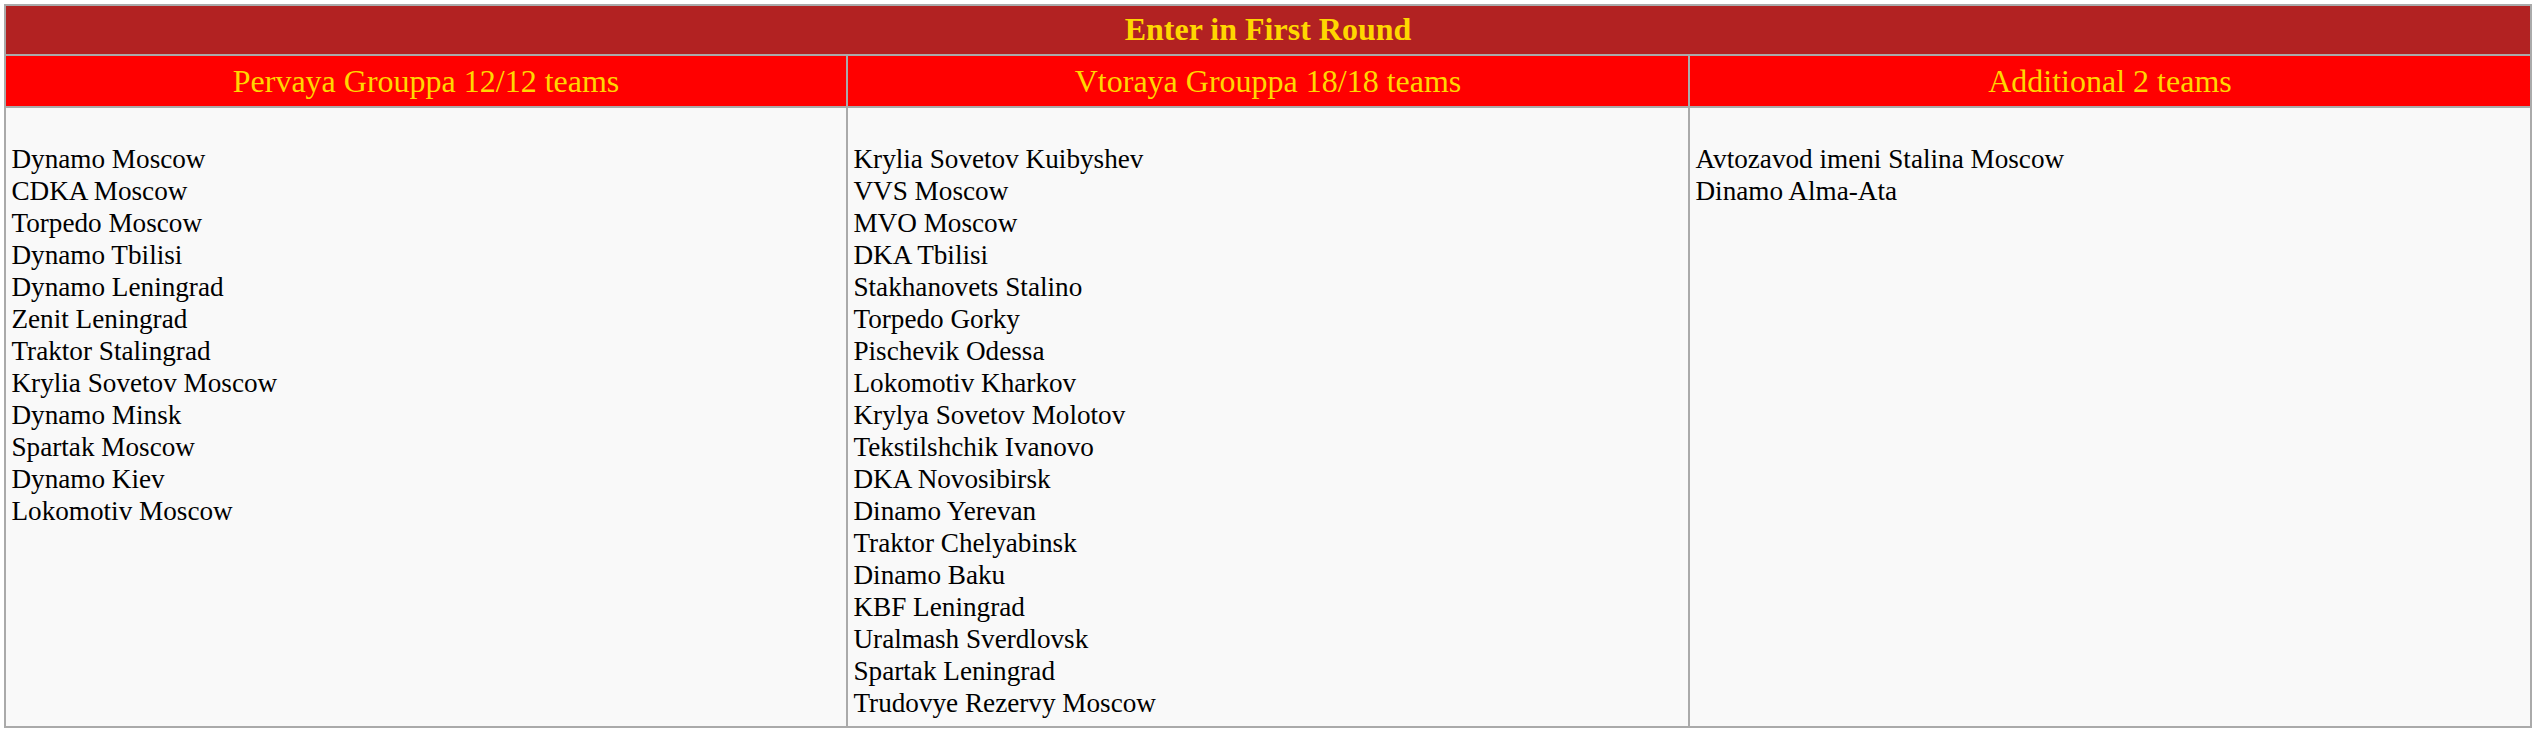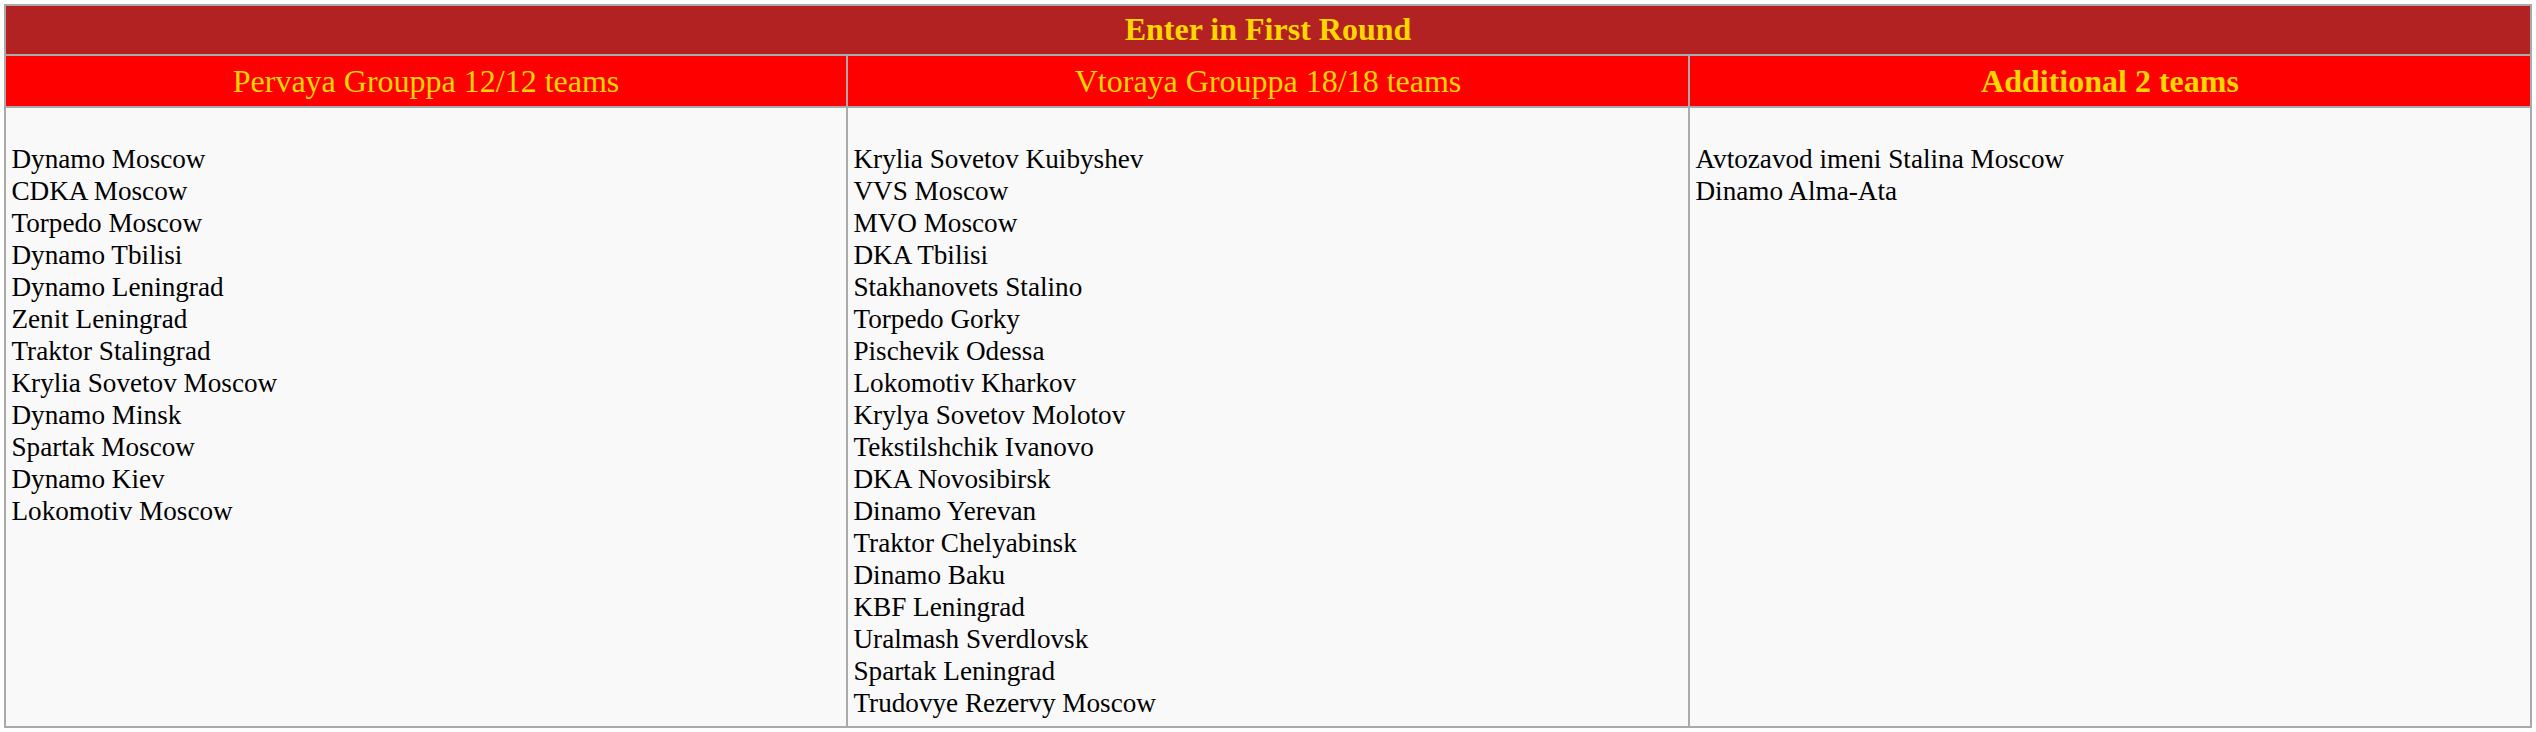 <table class="wikitable" style="width:100%;">
 <tr style="background:Firebrick; text-align:center;">
 <td style="width:90%; color:Gold" colspan="3"><strong>Enter in First Round</strong></td>
 </tr>
 <tr style="background:Red;">
 <td style="text-align:center; width:30%; color:Gold" colspan=1>Pervaya Grouppa 12/12 teams</td>
 <td style="text-align:center; width:30%; color:Gold" colspan=1>Vtoraya Grouppa 18/18 teams</td>
-<td style="text-align:center; width:30%; color:Gold" colspan=1>Additional 2 teams</td>
+<td style="text-align:center; width:30%; color:Gold" colspan=1><strong>Additional 2 teams</strong></td>
 </tr>
 <tr style="vertical-align:top; font-size:85%;">
 <td rowspan=3><br> Dynamo Moscow<br>  CDKA Moscow<br>  Torpedo Moscow<br>  Dynamo Tbilisi<br>  Dynamo Leningrad<br>  Zenit Leningrad<br>  Traktor Stalingrad<br>  Krylia Sovetov Moscow<br>  Dynamo Minsk<br>  Spartak Moscow<br>  Dynamo Kiev<br>  Lokomotiv Moscow<br></td>
 <td><br> Krylia Sovetov Kuibyshev<br>  VVS Moscow<br>  MVO Moscow<br>  DKA Tbilisi<br>  Stakhanovets Stalino<br>  Torpedo Gorky<br>  Pischevik Odessa<br>  Lokomotiv Kharkov<br>  Krylya Sovetov Molotov<br>  Tekstilshchik Ivanovo<br>  DKA Novosibirsk<br>  Dinamo Yerevan<br>  Traktor Chelyabinsk<br>  Dinamo Baku<br>  KBF Leningrad<br>  Uralmash Sverdlovsk<br>  Spartak Leningrad<br>  Trudovye Rezervy Moscow<br></td>
 <td><br> Avtozavod imeni Stalina Moscow<br>  Dinamo Alma-Ata<br></td>
 </tr>
 </table>
